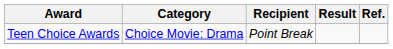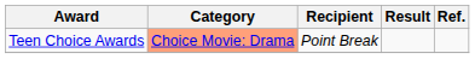 <table class="wikitable sortable">
 <tr>
 <th>Award</th>
 <th>Category</th>
 <th>Recipient</th>
 <th>Result</th>
 <th>Ref.</th>
 </tr>
 <tr>
 <td><a href='#'>Teen Choice Awards</a></td>
-<td><a href='#'>Choice Movie: Drama</a></td>
+<td style="background: lightsalmon;"><a href='#'>Choice Movie: Drama</a></td>
 <td><em>Point Break</em></td>
 <td></td>
 <td></td>
 </tr>
 <tr>
 </tr>
 </table>
